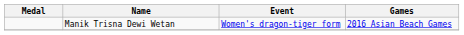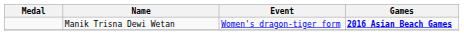 <table class="wikitable sortable" style="font-size:100%">
 <tr>
 <th width="90">Medal</th>
 <th width="250">Name</th>
 <th width="200">Event</th>
 <th width="180">Games</th>
 </tr>
 <tr>
 <td></td>
 <td>Manik Trisna Dewi Wetan</td>
 <td><a href='#'>Women's dragon-tiger form</a></td>
-<td><a href='#'>2016 Asian Beach Games</a></td>
+<td><strong><a href='#'>2016 Asian Beach Games</a></strong></td>
 </tr>
 <tr>
 </tr>
 </table>
